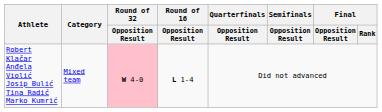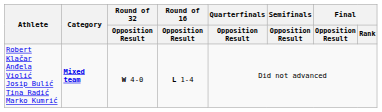 <table class="wikitable" style="text-align:center; font-size:90%">
 <tr>
 <th rowspan=2>Athlete</th>
 <th rowspan=2>Category</th>
 <th>Round of 32</th>
 <th>Round of 16</th>
 <th>Quarterfinals</th>
 <th>Semifinals</th>
 <th colspan=2>Final</th>
 </tr>
 <tr style="font-size:95%">
 <th>Opposition<br>Result</th>
 <th>Opposition<br>Result</th>
 <th>Opposition<br>Result</th>
 <th>Opposition<br>Result</th>
 <th>Opposition<br>Result</th>
 <th>Rank</th>
 </tr>
 <tr>
 <td align=left><a href='#'>Robert Klačar</a><br><a href='#'>Anđela Violić</a><br><a href='#'>Josip Bulić</a><br><a href='#'>Tina Radić</a><br><a href='#'>Marko Kumrić</a></td>
-<td align=left><a href='#'>Mixed team</a></td>
-<td style="background: pink;"><br><strong>W</strong> 4-0</td>
+<td align=left><strong><a href='#'>Mixed team</a></strong></td>
+<td><br><strong>W</strong> 4-0</td>
 <td><br><strong>L</strong> 1-4</td>
 <td colspan="4">Did not advanced</td>
 </tr>
 </table>
